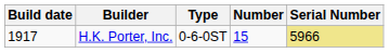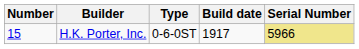 <table class="wikitable">
 <tr>
-<th>Build date</th>
+<th>Number</th>
 <th>Builder</th>
 <th>Type</th>
-<th>Number</th>
+<th>Build date</th>
 <th>Serial Number</th>
 </tr>
 <tr>
-<td>1917</td>
+<td><a href='#'>15</a></td>
 <td><a href='#'>H.K. Porter, Inc.</a></td>
 <td>0-6-0ST</td>
-<td><a href='#'>15</a></td>
+<td>1917</td>
 <td style="background: khaki;">5966</td>
 </tr>
 </table>
